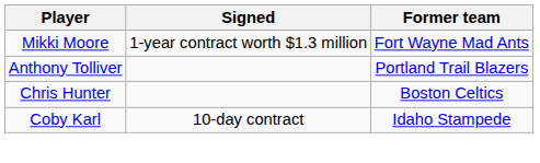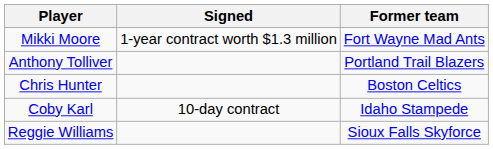 <table class="wikitable sortable sortable" style="text-align: center">
 <tr>
 <th>Player</th>
 <th>Signed</th>
 <th>Former team</th>
 </tr>
 <tr style="text-align: center">
 <td><a href='#'>Mikki Moore</a></td>
 <td>1-year contract worth $1.3 million</td>
 <td><a href='#'>Fort Wayne Mad Ants</a></td>
 </tr>
 <tr style="text-align: center">
 <td><a href='#'>Anthony Tolliver</a></td>
 <td></td>
 <td><a href='#'>Portland Trail Blazers</a></td>
 </tr>
 <tr style="text-align: center">
 <td><a href='#'>Chris Hunter</a></td>
 <td></td>
 <td><a href='#'>Boston Celtics</a></td>
 </tr>
 <tr style="text-align: center">
 <td><a href='#'>Coby Karl</a></td>
 <td>10-day contract</td>
 <td><a href='#'>Idaho Stampede</a></td>
 </tr>
+<tr style="text-align: center">
+<td><a href='#'>Reggie Williams</a></td>
+<td></td>
+<td><a href='#'>Sioux Falls Skyforce</a></td>
+</tr>
 </table>
